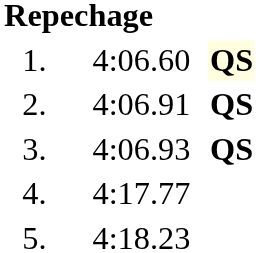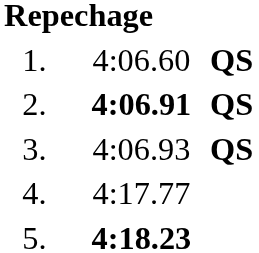 <table style="text-align:center">
 <tr>
 <td colspan=4 align=left><strong>Repechage</strong></td>
 </tr>
 <tr>
 <td width=30>1.</td>
 <td align=left></td>
 <td width=60>4:06.60</td>
-<td style="background: lightyellow;"><strong>QS</strong></td>
+<td><strong>QS</strong></td>
 </tr>
 <tr>
 <td>2.</td>
 <td align=left></td>
-<td>4:06.91</td>
+<td><strong>4:06.91</strong></td>
 <td><strong>QS</strong></td>
 </tr>
 <tr>
 <td>3.</td>
 <td align=left></td>
 <td>4:06.93</td>
 <td><strong>QS</strong></td>
 </tr>
 <tr>
 <td>4.</td>
 <td align=left></td>
 <td>4:17.77</td>
 <td></td>
 </tr>
 <tr>
 <td>5.</td>
 <td align=left></td>
-<td>4:18.23</td>
+<td><strong>4:18.23</strong></td>
 <td></td>
 </tr>
 </table>
